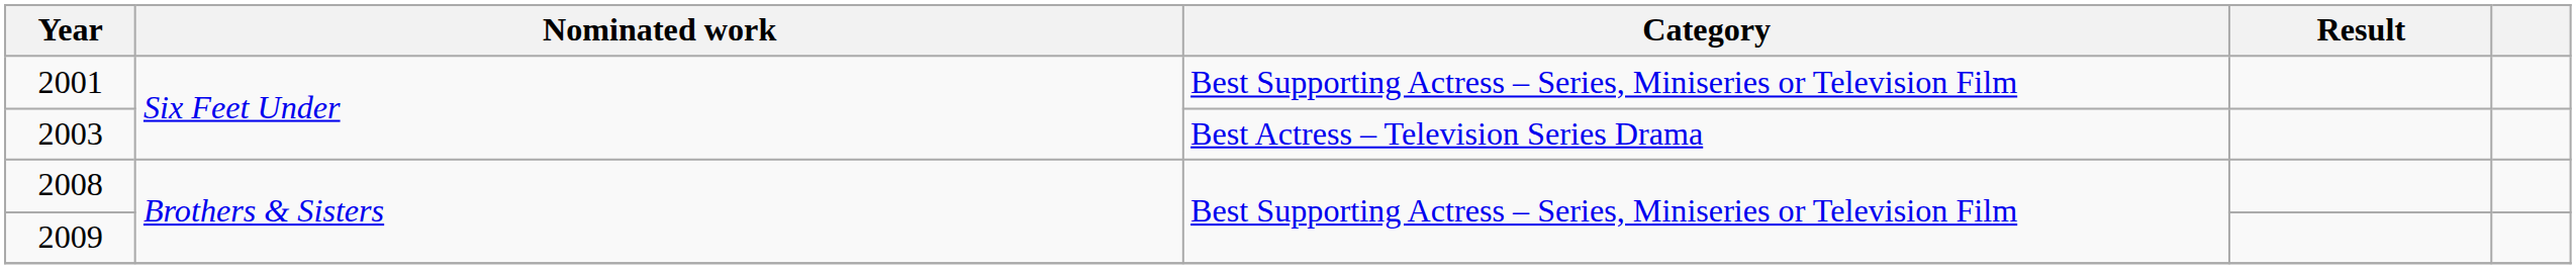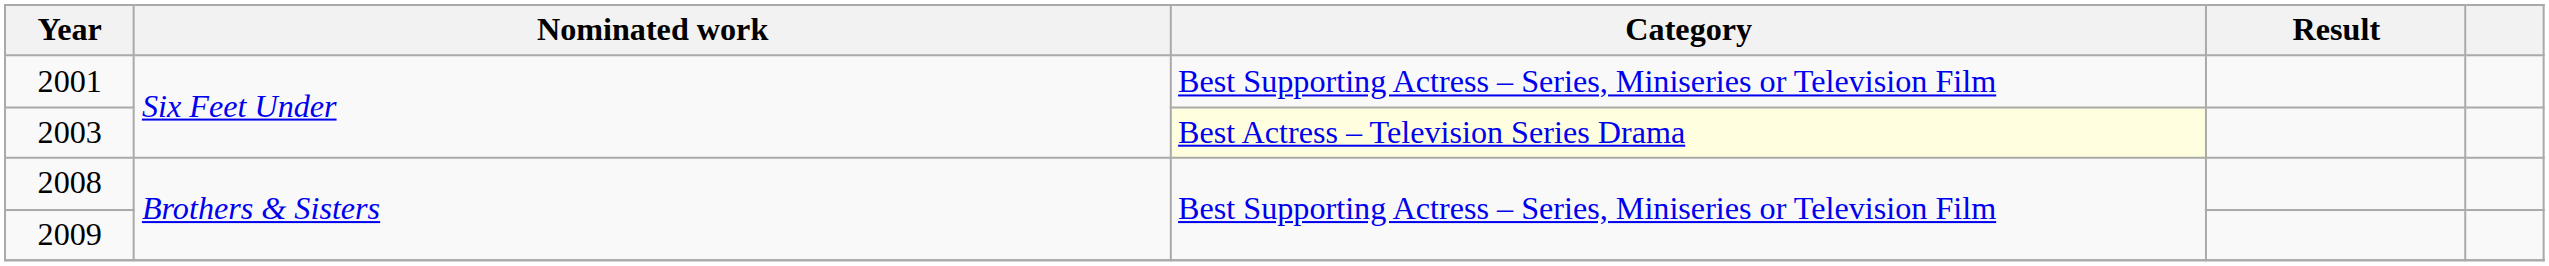 <table class="wikitable" style="width:100%;">
 <tr>
 <th width=5%>Year</th>
 <th style="width:40%;">Nominated work</th>
 <th style="width:40%;">Category</th>
 <th style="width:10%;">Result</th>
 <th width=3%></th>
 </tr>
 <tr>
 <td style="text-align:center;">2001</td>
 <td rowspan=2><em><a href='#'>Six Feet Under</a></em></td>
 <td><a href='#'>Best Supporting Actress – Series, Miniseries or Television Film</a></td>
 <td></td>
 <td style="text-align:center;"></td>
 </tr>
 <tr>
 <td style="text-align:center;">2003</td>
-<td><a href='#'>Best Actress – Television Series Drama</a></td>
+<td style="background: lightyellow;"><a href='#'>Best Actress – Television Series Drama</a></td>
 <td></td>
 <td style="text-align:center;"></td>
 </tr>
 <tr>
 <td style="text-align:center;">2008</td>
 <td rowspan=2><em><a href='#'>Brothers & Sisters</a></em></td>
 <td rowspan=2><a href='#'>Best Supporting Actress – Series, Miniseries or Television Film</a></td>
 <td></td>
 <td style="text-align:center;"></td>
 </tr>
 <tr>
 <td style="text-align:center;">2009</td>
 <td></td>
 <td style="text-align:center;"></td>
 </tr>
 <tr>
 </tr>
 </table>
